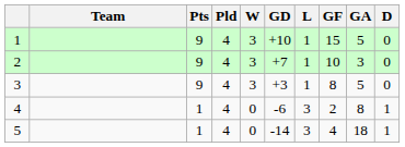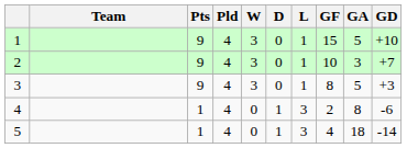 <table class=wikitable style="text-align:center">
 <tr>
 <th width=20></th>
 <th width=165>Team</th>
 <th width=20>Pts</th>
 <th width=20>Pld</th>
 <th width=20>W</th>
-<th width=20>GD</th>
+<th width=20>D</th>
 <th width=20>L</th>
 <th width=20>GF</th>
 <th width=20>GA</th>
-<th width=20>D</th>
+<th width=20>GD</th>
 </tr>
 <tr bgcolor=ccffcc>
 <td>1</td>
 <td style="text-align:left;"></td>
 <td>9</td>
 <td>4</td>
 <td>3</td>
-<td>+10</td>
+<td>0</td>
 <td>1</td>
 <td>15</td>
 <td>5</td>
-<td>0</td>
+<td>+10</td>
 </tr>
 <tr bgcolor=ccffcc>
 <td>2</td>
 <td style="text-align:left;"></td>
 <td>9</td>
 <td>4</td>
 <td>3</td>
-<td>+7</td>
+<td>0</td>
 <td>1</td>
 <td>10</td>
 <td>3</td>
-<td>0</td>
+<td>+7</td>
 </tr>
 <tr>
 <td>3</td>
 <td style="text-align:left;"></td>
 <td>9</td>
 <td>4</td>
 <td>3</td>
-<td>+3</td>
+<td>0</td>
 <td>1</td>
 <td>8</td>
 <td>5</td>
-<td>0</td>
+<td>+3</td>
 </tr>
 <tr>
 <td>4</td>
 <td style="text-align:left;"></td>
 <td>1</td>
 <td>4</td>
 <td>0</td>
-<td>-6</td>
+<td>1</td>
 <td>3</td>
 <td>2</td>
 <td>8</td>
-<td>1</td>
+<td>-6</td>
 </tr>
 <tr>
 <td>5</td>
 <td style="text-align:left;"></td>
 <td>1</td>
 <td>4</td>
 <td>0</td>
-<td>-14</td>
+<td>1</td>
 <td>3</td>
 <td>4</td>
 <td>18</td>
-<td>1</td>
+<td>-14</td>
 </tr>
 </table>
